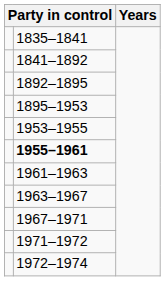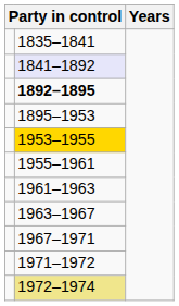 <table class="wikitable">
 <tr>
 <th colspan=2>Party in control</th>
 <th>Years</th>
 </tr>
 <tr>
 <td></td>
 <td>1835–1841</td>
 </tr>
 <tr>
 <td></td>
-<td>1841–1892</td>
+<td style="background: lavender;">1841–1892</td>
 </tr>
 <tr>
 <td></td>
-<td>1892–1895</td>
+<td><strong>1892–1895</strong></td>
 </tr>
 <tr>
 <td></td>
 <td>1895–1953</td>
 </tr>
 <tr>
 <td></td>
-<td>1953–1955</td>
+<td style="background: gold;">1953–1955</td>
 </tr>
 <tr>
 <td></td>
-<td><strong>1955–1961</strong></td>
+<td>1955–1961</td>
 </tr>
 <tr>
 <td></td>
 <td>1961–1963</td>
 </tr>
 <tr>
 <td></td>
 <td>1963–1967</td>
 </tr>
 <tr>
 <td></td>
 <td>1967–1971</td>
 </tr>
 <tr>
 <td></td>
 <td>1971–1972</td>
 </tr>
 <tr>
 <td></td>
-<td>1972–1974</td>
+<td style="background: khaki;">1972–1974</td>
 </tr>
 </table>
